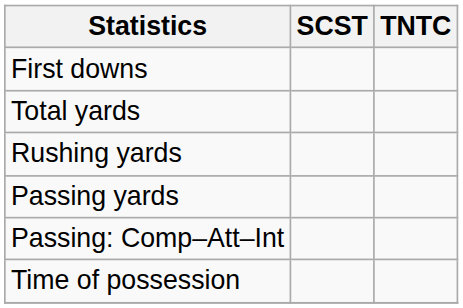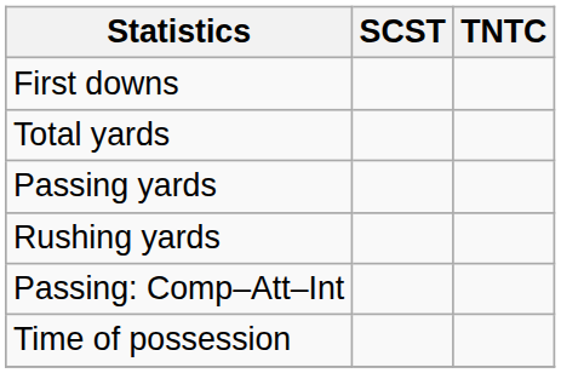 <table class="wikitable" style="float: left;">
 <tr>
 <th>Statistics</th>
 <th>SCST</th>
 <th>TNTC</th>
 </tr>
 <tr>
 <td>First downs</td>
 <td></td>
 <td></td>
 </tr>
 <tr>
 <td>Total yards</td>
 <td></td>
 <td></td>
 </tr>
 <tr>
-<td>Rushing yards</td>
+<td>Passing yards</td>
 <td></td>
 <td></td>
 </tr>
 <tr>
-<td>Passing yards</td>
+<td>Rushing yards</td>
 <td></td>
 <td></td>
 </tr>
 <tr>
 <td>Passing: Comp–Att–Int</td>
 <td></td>
 <td></td>
 </tr>
 <tr>
 <td>Time of possession</td>
 <td></td>
 <td></td>
 </tr>
 <tr>
 </tr>
 </table>
